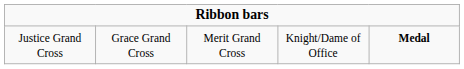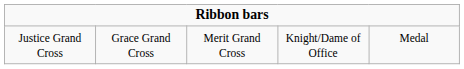 <table align=center class=wikitable width=60%>
 <tr>
 <td colspan=5 align="center"><strong>Ribbon bars</strong></td>
 </tr>
 <tr>
 <td width=20% valign=top align=center><small>Justice Grand Cross</small></td>
 <td width=20% valign=top align=center><small>Grace Grand Cross</small></td>
 <td width=20% valign=top align=center><small>Merit Grand Cross</small></td>
 <td width=20% valign=top align=center><small>Knight/Dame of Office</small></td>
-<td width=20% valign=top align=center><strong><small>Medal</small></strong></td>
+<td width=20% valign=top align=center><small>Medal</small></td>
 </tr>
 </table>
